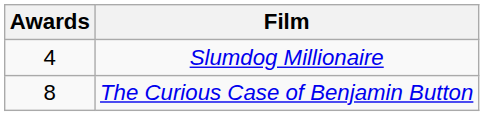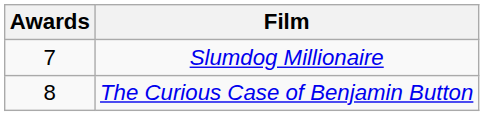 <table class="wikitable" style="text-align:center;">
 <tr>
 <th style="background:">Awards</th>
 <th style="background:">Film</th>
 </tr>
 <tr>
-<td>4</td>
+<td>7</td>
 <td><em><a href='#'>Slumdog Millionaire</a></em></td>
 </tr>
 <tr>
 <td>8</td>
 <td><em><a href='#'>The Curious Case of Benjamin Button</a></em></td>
 </tr>
 </table>
